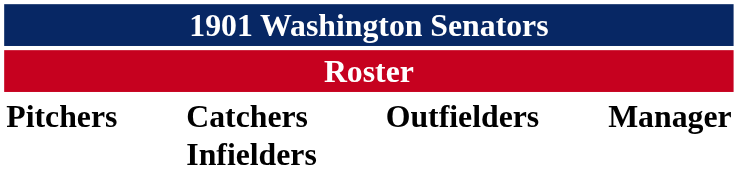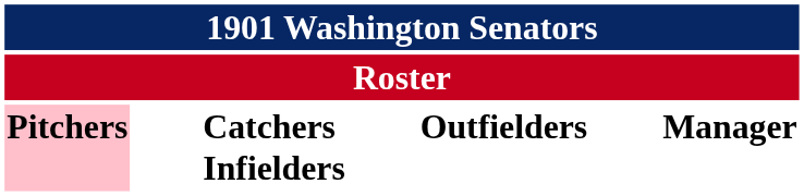 <table class="toccolours" style="font-size: 95%;">
 <tr>
 <th colspan="10" style="background-color: #072764; color: white; text-align: center;">1901 Washington Senators</th>
 </tr>
 <tr>
 <td colspan="10" style="background-color: #c6011f; color: white; text-align: center;"><strong>Roster</strong></td>
 </tr>
 <tr>
-<td valign="top"><strong>Pitchers</strong><br>   </td>
+<td valign="top" style="background: pink;"><strong>Pitchers</strong><br>   </td>
 <td width="25px"></td>
 <td valign="top"><strong>Catchers</strong><br> <strong>Infielders</strong>       </td>
 <td width="25px"></td>
 <td valign="top"><strong>Outfielders</strong><br>      </td>
 <td width="25px"></td>
 <td valign="top"><strong>Manager</strong><br></td>
 </tr>
 </table>
